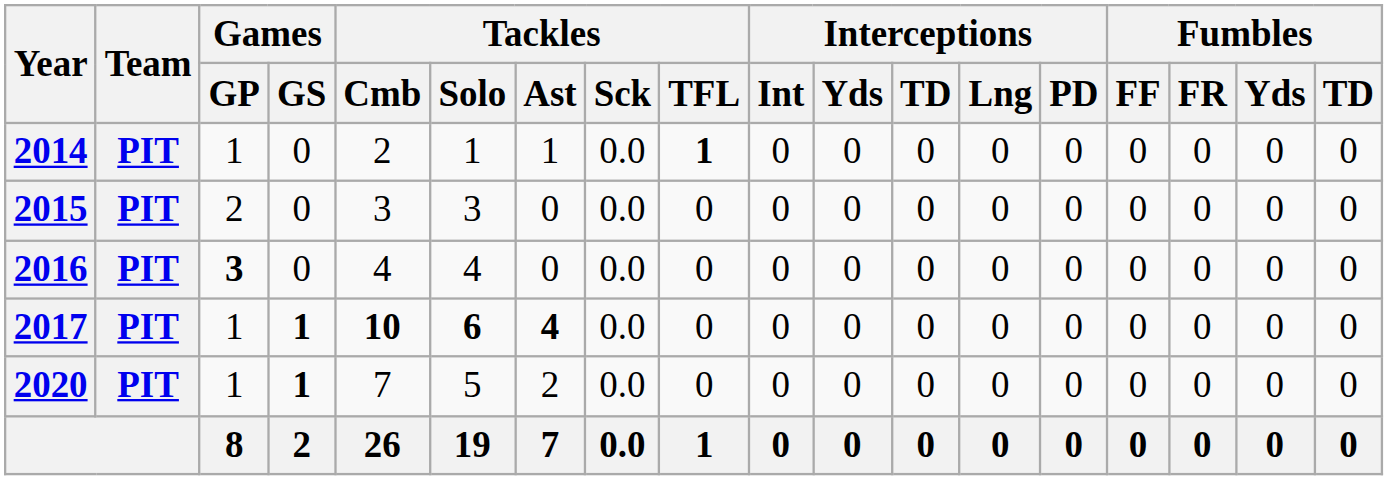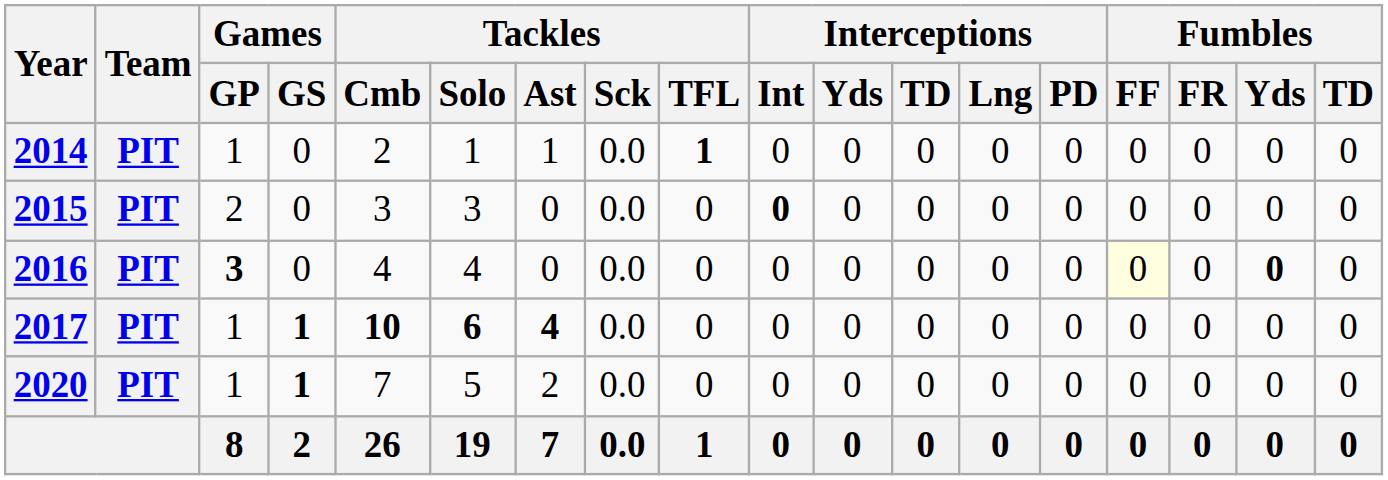 <table class="wikitable" style="text-align:center">
 <tr>
 <th rowspan="2">Year</th>
 <th rowspan="2">Team</th>
 <th colspan="2">Games</th>
 <th colspan="5">Tackles</th>
 <th colspan="5">Interceptions</th>
 <th colspan="4">Fumbles</th>
 </tr>
 <tr>
 <th>GP</th>
 <th>GS</th>
 <th>Cmb</th>
 <th>Solo</th>
 <th>Ast</th>
 <th>Sck</th>
 <th>TFL</th>
 <th>Int</th>
 <th>Yds</th>
 <th>TD</th>
 <th>Lng</th>
 <th>PD</th>
 <th>FF</th>
 <th>FR</th>
 <th>Yds</th>
 <th>TD</th>
 </tr>
 <tr>
 <th><a href='#'>2014</a></th>
 <th><a href='#'>PIT</a></th>
 <td>1</td>
 <td>0</td>
 <td>2</td>
 <td>1</td>
 <td>1</td>
 <td>0.0</td>
 <td><strong>1</strong></td>
 <td>0</td>
 <td>0</td>
 <td>0</td>
 <td>0</td>
 <td>0</td>
 <td>0</td>
 <td>0</td>
 <td>0</td>
 <td>0</td>
 </tr>
 <tr>
 <th><a href='#'>2015</a></th>
 <th><a href='#'>PIT</a></th>
 <td>2</td>
 <td>0</td>
 <td>3</td>
 <td>3</td>
 <td>0</td>
 <td>0.0</td>
 <td>0</td>
-<td>0</td>
+<td><strong>0</strong></td>
 <td>0</td>
 <td>0</td>
 <td>0</td>
 <td>0</td>
 <td>0</td>
 <td>0</td>
 <td>0</td>
 <td>0</td>
 </tr>
 <tr>
 <th><a href='#'>2016</a></th>
 <th><a href='#'>PIT</a></th>
 <td><strong>3</strong></td>
 <td>0</td>
 <td>4</td>
 <td>4</td>
 <td>0</td>
 <td>0.0</td>
 <td>0</td>
 <td>0</td>
 <td>0</td>
 <td>0</td>
 <td>0</td>
 <td>0</td>
+<td style="background: lightyellow;">0</td>
 <td>0</td>
-<td>0</td>
-<td>0</td>
+<td><strong>0</strong></td>
 <td>0</td>
 </tr>
 <tr>
 <th><a href='#'>2017</a></th>
 <th><a href='#'>PIT</a></th>
 <td>1</td>
 <td><strong>1</strong></td>
 <td><strong>10</strong></td>
 <td><strong>6</strong></td>
 <td><strong>4</strong></td>
 <td>0.0</td>
 <td>0</td>
 <td>0</td>
 <td>0</td>
 <td>0</td>
 <td>0</td>
 <td>0</td>
 <td>0</td>
 <td>0</td>
 <td>0</td>
 <td>0</td>
 </tr>
 <tr>
 <th><a href='#'>2020</a></th>
 <th><a href='#'>PIT</a></th>
 <td>1</td>
 <td><strong>1</strong></td>
 <td>7</td>
 <td>5</td>
 <td>2</td>
 <td>0.0</td>
 <td>0</td>
 <td>0</td>
 <td>0</td>
 <td>0</td>
 <td>0</td>
 <td>0</td>
 <td>0</td>
 <td>0</td>
 <td>0</td>
 <td>0</td>
 </tr>
 <tr>
 <th colspan="2"></th>
 <th>8</th>
 <th>2</th>
 <th>26</th>
 <th>19</th>
 <th>7</th>
 <th>0.0</th>
 <th>1</th>
 <th>0</th>
 <th>0</th>
 <th>0</th>
 <th>0</th>
 <th>0</th>
 <th>0</th>
 <th>0</th>
 <th>0</th>
 <th>0</th>
 </tr>
 </table>
